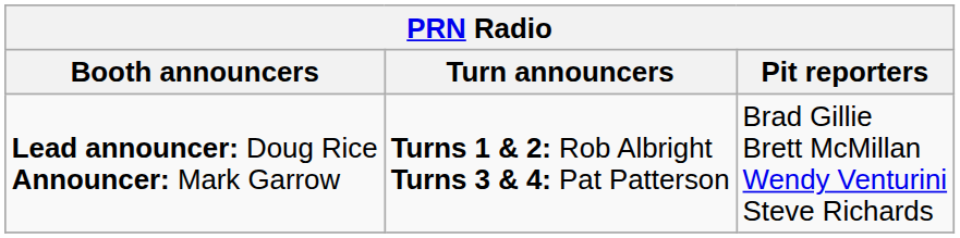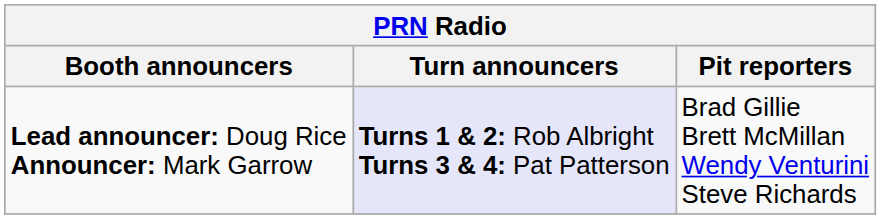 <table class="wikitable" style="font-size: 95%">
 <tr>
 <th colspan="3"><a href='#'>PRN</a> Radio</th>
 </tr>
 <tr>
 <th>Booth announcers</th>
 <th>Turn announcers</th>
 <th>Pit reporters</th>
 </tr>
 <tr>
 <td><strong>Lead announcer:</strong> Doug Rice<br><strong>Announcer:</strong> Mark Garrow</td>
-<td><strong>Turns 1 & 2:</strong> Rob Albright<br><strong>Turns 3 & 4:</strong> Pat Patterson</td>
+<td style="background: lavender;"><strong>Turns 1 & 2:</strong> Rob Albright<br><strong>Turns 3 & 4:</strong> Pat Patterson</td>
 <td>Brad Gillie<br>Brett McMillan<br><a href='#'>Wendy Venturini</a><br>Steve Richards</td>
 </tr>
 </table>
